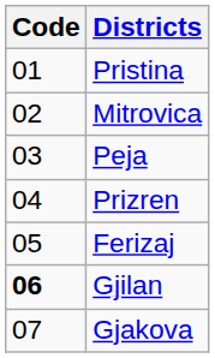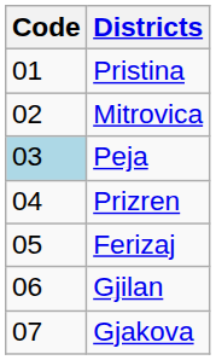 <table class=wikitable>
 <tr>
 <th>Code</th>
 <th><a href='#'>Districts</a></th>
 </tr>
 <tr>
 <td>01</td>
 <td><a href='#'>Pristina</a></td>
 </tr>
 <tr>
 <td>02</td>
 <td><a href='#'>Mitrovica</a></td>
 </tr>
 <tr>
-<td>03</td>
+<td style="background: lightblue;">03</td>
 <td><a href='#'>Peja</a></td>
 </tr>
 <tr>
 <td>04</td>
 <td><a href='#'>Prizren</a></td>
 </tr>
 <tr>
 <td>05</td>
 <td><a href='#'>Ferizaj</a></td>
 </tr>
 <tr>
-<td><strong>06</strong></td>
+<td>06</td>
 <td><a href='#'>Gjilan</a></td>
 </tr>
 <tr>
 <td>07</td>
 <td><a href='#'>Gjakova</a></td>
 </tr>
 </table>
